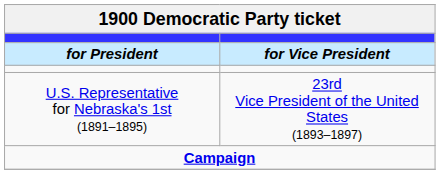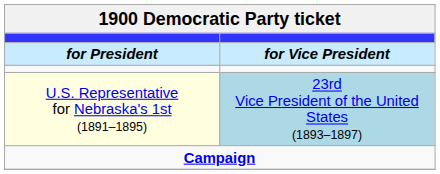 <table class="wikitable" style="font-size:90%; text-align:center;">
 <tr>
 <td style="background:#f1f1f1;" colspan="30"><big><strong>1900 Democratic Party ticket </strong></big></td>
 </tr>
 <tr>
 <th style="width:3em; font-size:135%; background:#3333FF; width:200px;"><a href='#'></a></th>
 <th style="width:3em; font-size:135%; background:#3333FF; width:200px;"><a href='#'></a></th>
 </tr>
 <tr>
 <td style="width:3em; font-size:100%; color:#000; background:#C8EBFF; width:200px;"><strong><em>for President</em></strong></td>
 <td style="width:3em; font-size:100%; color:#000; background:#C8EBFF; width:200px;"><strong><em>for Vice President</em></strong></td>
 </tr>
 <tr>
 <td></td>
 <td></td>
 </tr>
 <tr>
-<td><a href='#'>U.S. Representative</a><br>for <a href='#'>Nebraska's 1st</a><br><small>(1891–1895)</small></td>
-<td><a href='#'>23rd</a><br><a href='#'>Vice President of the United States</a><br><small>(1893–1897)</small></td>
+<td style="background: lightyellow;"><a href='#'>U.S. Representative</a><br>for <a href='#'>Nebraska's 1st</a><br><small>(1891–1895)</small></td>
+<td style="background: lightblue;"><a href='#'>23rd</a><br><a href='#'>Vice President of the United States</a><br><small>(1893–1897)</small></td>
 </tr>
 <tr>
 <td colspan=2><a href='#'><strong>Campaign</strong></a></td>
 </tr>
 <tr>
 </tr>
 </table>
